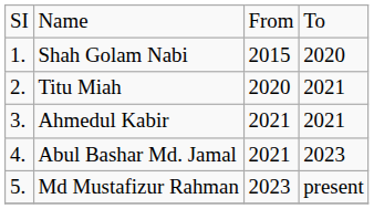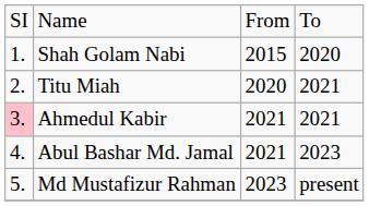 <table class="wikitable">
 <tr>
 <td>SI</td>
 <td>Name</td>
 <td>From</td>
 <td>To</td>
 </tr>
 <tr>
 <td>1.</td>
 <td>Shah Golam Nabi</td>
 <td>2015</td>
 <td>2020</td>
 </tr>
 <tr>
 <td>2.</td>
 <td>Titu Miah</td>
 <td>2020</td>
 <td>2021</td>
 </tr>
 <tr>
-<td>3.</td>
+<td style="background: pink;">3.</td>
 <td>Ahmedul Kabir</td>
 <td>2021</td>
 <td>2021</td>
 </tr>
 <tr>
 <td>4.</td>
 <td>Abul Bashar Md. Jamal</td>
 <td>2021</td>
 <td>2023</td>
 </tr>
 <tr>
 <td>5.</td>
 <td>Md Mustafizur Rahman</td>
 <td>2023</td>
 <td>present</td>
 </tr>
 <tr>
 </tr>
 </table>
